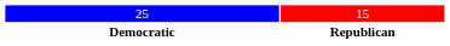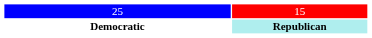 <table style="width:60%; text-align:center;">
 <tr style="color:white;">
 <td style="background:blue; width:62.5%;">25</td>
 <td style="background:red; width:37.5%;">15</td>
 </tr>
 <tr>
 <td><span><strong>Democratic</strong></span></td>
-<td><span><strong>Republican</strong></span></td>
+<td style="background: paleturquoise;"><span><strong>Republican</strong></span></td>
 </tr>
 </table>
